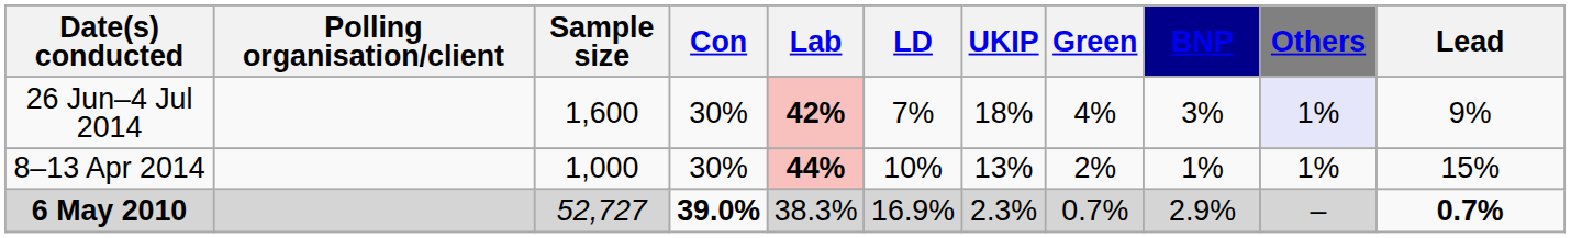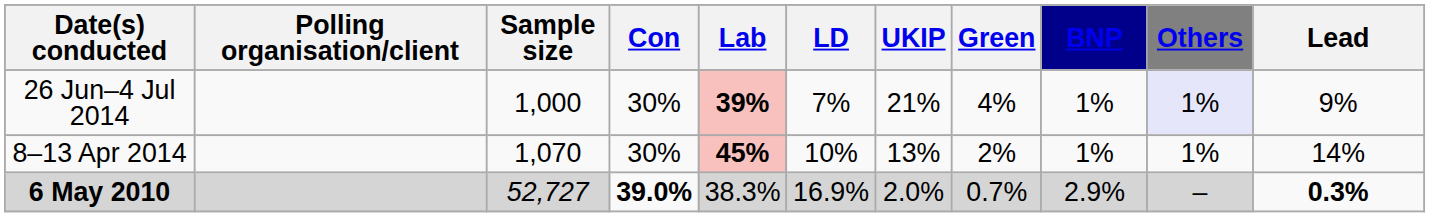 <table class="wikitable sortable" style="text-align:center;font-size:90%;line-height:14px">
 <tr>
 <th ! style="width:95px;">Date(s)<br>conducted</th>
 <th style="width:150px;">Polling organisation/client</th>
 <th class="unsortable" style="width:60px;">Sample size</th>
 <th class="unsortable" style="background:"><a href='#'><span>Con</span></a></th>
 <th class="unsortable" style="background:"><a href='#'><span>Lab</span></a></th>
 <th class="unsortable" style="background:"><a href='#'><span>LD</span></a></th>
 <th class="unsortable" style="background:"><a href='#'><span>UKIP</span></a></th>
 <th class="unsortable" style="background:"><a href='#'><span>Green</span></a></th>
 <th class="unsortable" style="background:#00008B; text-color:white; width:50px;"><a href='#'><span>BNP</span></a></th>
 <th class="unsortable" style="background:gray; width:50px;"><a href='#'><span>Others</span></a></th>
 <th class="unsortable" style="width:85px;">Lead</th>
 </tr>
 <tr>
 <td>26 Jun–4 Jul 2014</td>
 <td> </td>
-<td>1,600</td>
+<td>1,000</td>
 <td>30%</td>
-<td style="background:#F8C1BE"><strong>42%</strong></td>
+<td style="background:#F8C1BE"><strong>39%</strong></td>
 <td>7%</td>
-<td>18%</td>
+<td>21%</td>
 <td>4%</td>
-<td>3%</td>
+<td>1%</td>
 <td style="background: lavender;">1%</td>
 <td style="background:">9%</td>
 </tr>
 <tr>
 <td>8–13 Apr 2014</td>
 <td> </td>
-<td>1,000</td>
+<td>1,070</td>
 <td>30%</td>
-<td style="background:#F8C1BE"><strong>44%</strong></td>
+<td style="background:#F8C1BE"><strong>45%</strong></td>
 <td>10%</td>
 <td>13%</td>
 <td>2%</td>
 <td>1%</td>
 <td>1%</td>
-<td style="background:">15%</td>
+<td style="background:">14%</td>
 </tr>
 <tr>
 <td style="background:#D5D5D5"><strong>6 May 2010</strong></td>
 <td style="background:#D5D5D5"></td>
 <td style="background:#D5D5D5"><em>52,727</em></td>
 <td style="background:"><strong>39.0%</strong></td>
 <td style="background:#D5D5D5">38.3%</td>
 <td style="background:#D5D5D5">16.9%</td>
-<td style="background:#D5D5D5">2.3%</td>
+<td style="background:#D5D5D5">2.0%</td>
 <td style="background:#D5D5D5">0.7%</td>
 <td style="background:#D5D5D5">2.9%</td>
 <td style="background:#D5D5D5">–</td>
-<td style="background:"><strong>0.7% </strong></td>
+<td style="background:"><strong>0.3% </strong></td>
 </tr>
 </table>
